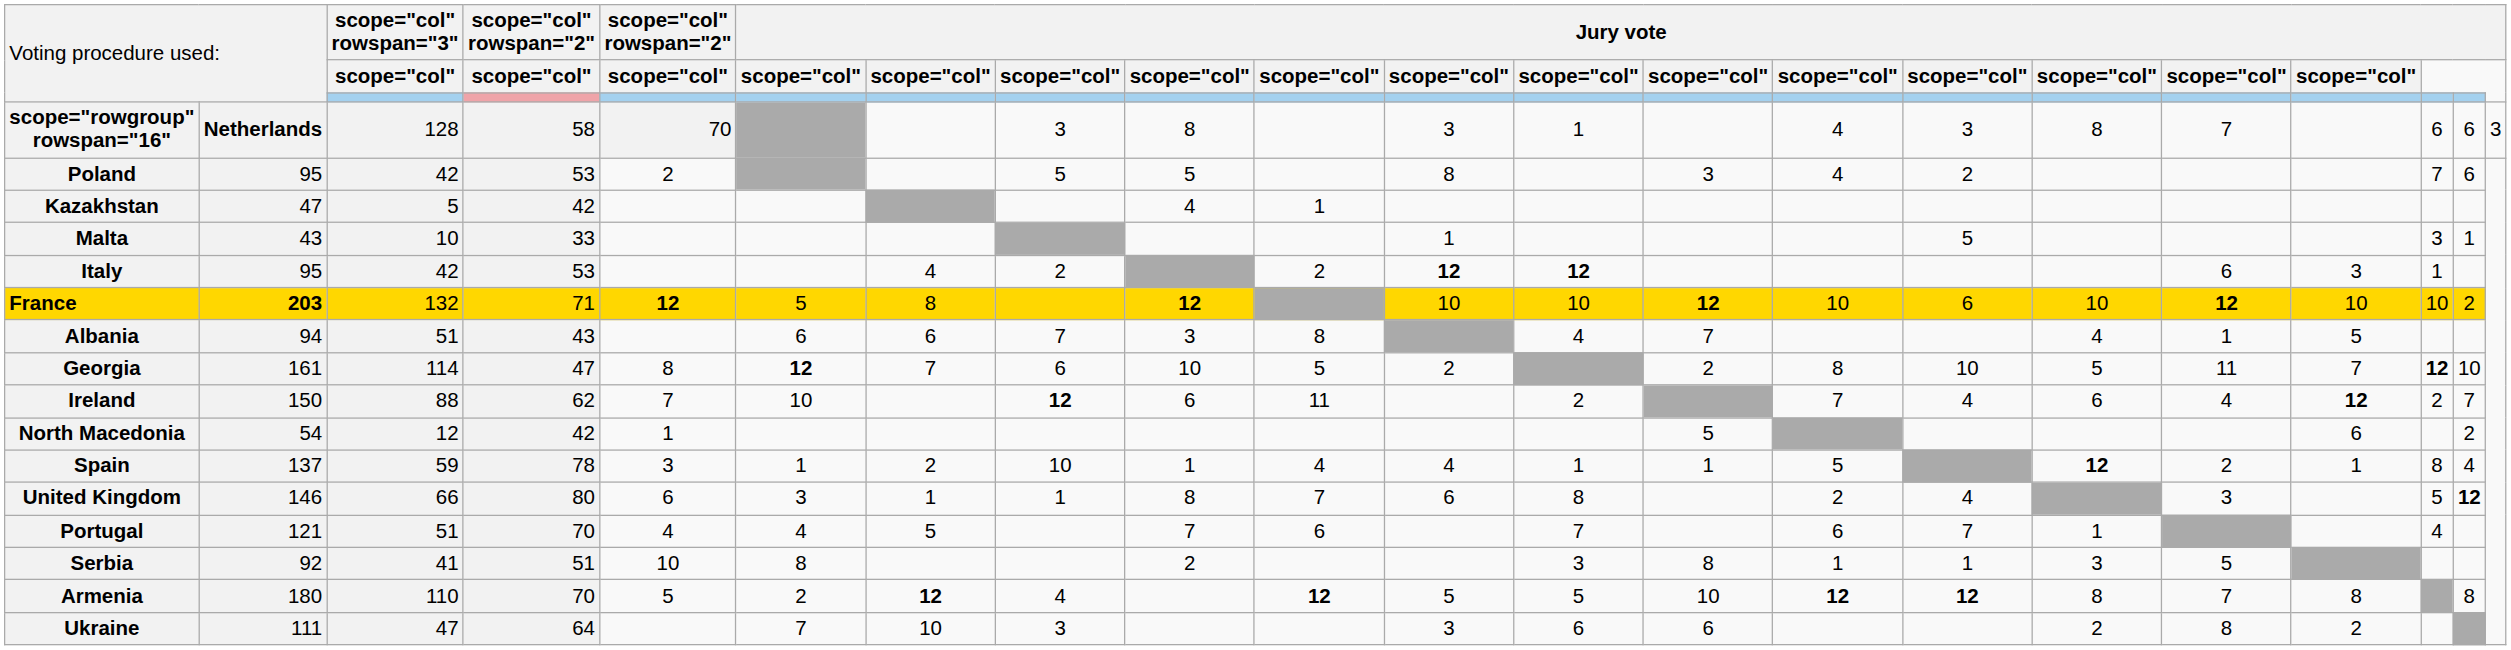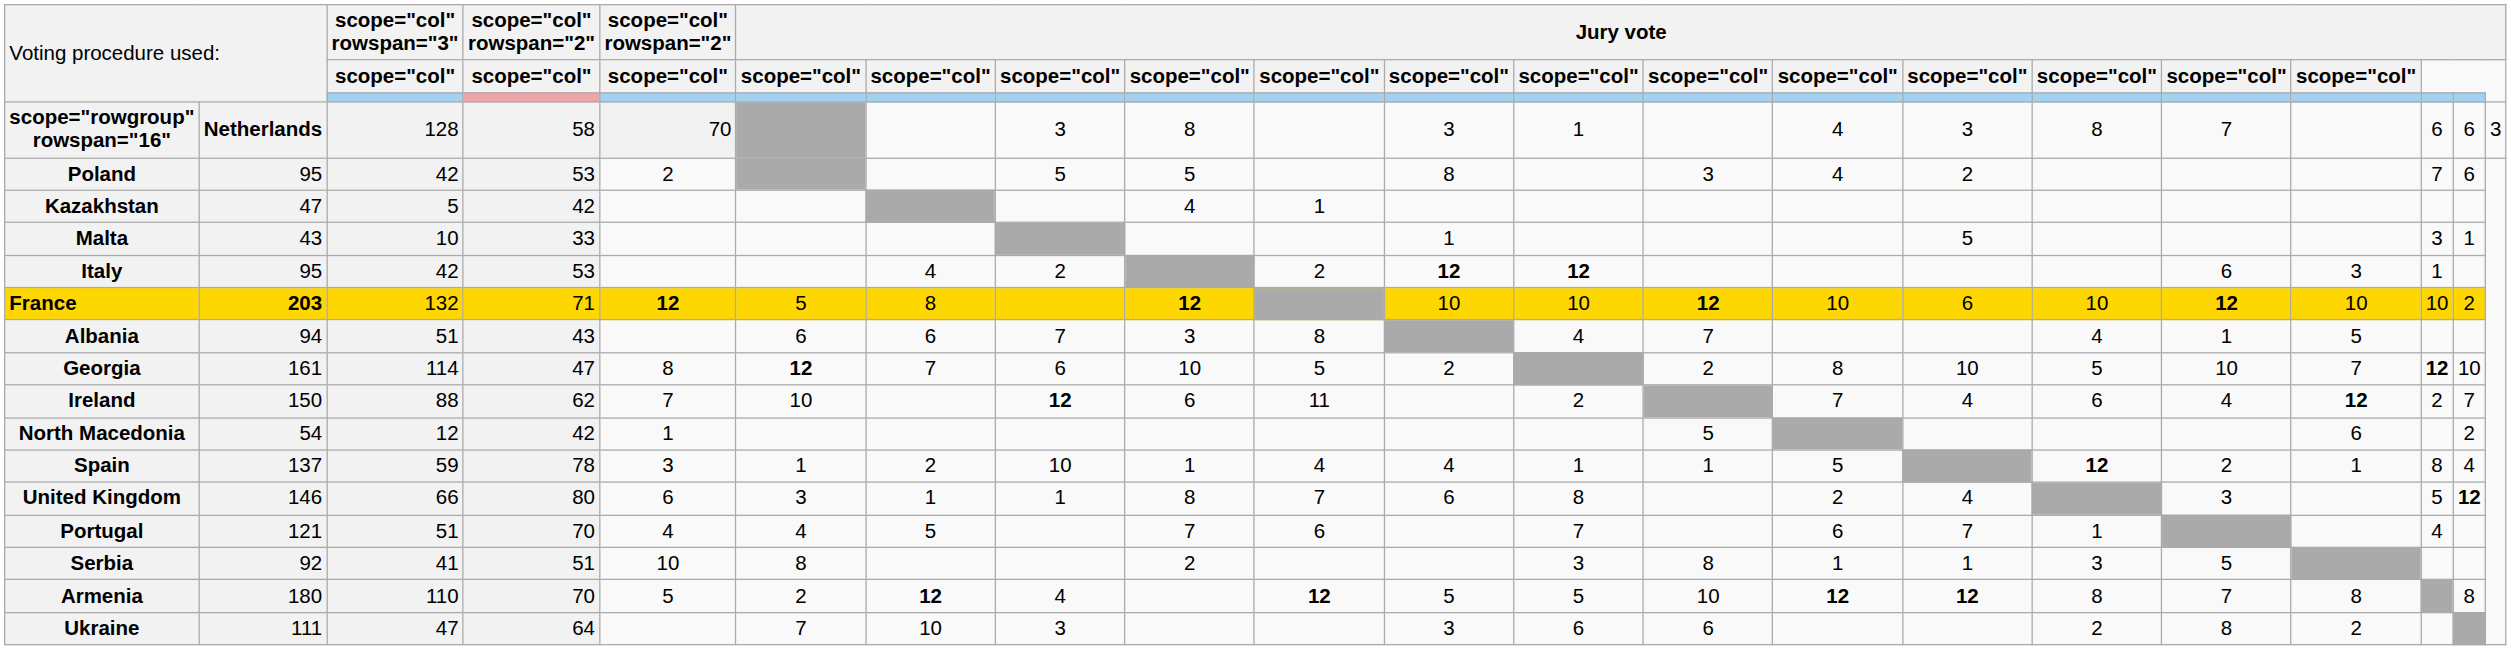 <table class="wikitable plainrowheaders" style="text-align: center;">
 <tr>
 <td colspan="2" rowspan="3" style="text-align: left; background: #F2F2F2;">Voting procedure used:<br></td>
 <th>scope="col" rowspan="3" </th>
 <th>scope="col" rowspan="2" </th>
 <th>scope="col" rowspan="2" </th>
 <th scope="colgroup" colspan="19">Jury vote</th>
 </tr>
 <tr>
 <th>scope="col" </th>
 <th>scope="col" </th>
 <th>scope="col" </th>
 <th>scope="col" </th>
 <th>scope="col" </th>
 <th>scope="col" </th>
 <th>scope="col" </th>
 <th>scope="col" </th>
 <th>scope="col" </th>
 <th>scope="col" </th>
 <th>scope="col" </th>
 <th>scope="col" </th>
 <th>scope="col" </th>
 <th>scope="col" </th>
 <th>scope="col" </th>
 <th>scope="col" </th>
 </tr>
 <tr>
 <td style="background: #A4D1EF;"></td>
 <td style="background: #EFA4A9;"></td>
 <td style="background: #A4D1EF;"></td>
 <td style="background: #A4D1EF;"></td>
 <td style="background: #A4D1EF;"></td>
 <td style="background: #A4D1EF;"></td>
 <td style="background: #A4D1EF;"></td>
 <td style="background: #A4D1EF;"></td>
 <td style="background: #A4D1EF;"></td>
 <td style="background: #A4D1EF;"></td>
 <td style="background: #A4D1EF;"></td>
 <td style="background: #A4D1EF;"></td>
 <td style="background: #A4D1EF;"></td>
 <td style="background: #A4D1EF;"></td>
 <td style="background: #A4D1EF;"></td>
 <td style="background: #A4D1EF;"></td>
 <td style="background: #A4D1EF;"></td>
 <td style="background: #A4D1EF;"></td>
 </tr>
 <tr>
 <th>scope="rowgroup" rowspan="16" </th>
 <th scope="row" style="background: #f2f2f2;">Netherlands</th>
 <td style="text-align: right; background: #f2f2f2;">128</td>
 <td style="text-align: right; background: #f2f2f2;">58</td>
 <td style="text-align: right; background: #f2f2f2;">70</td>
 <td style="background: #aaa;"></td>
 <td></td>
 <td>3</td>
 <td>8</td>
 <td></td>
 <td>3</td>
 <td>1</td>
 <td></td>
 <td>4</td>
 <td>3</td>
 <td>8</td>
 <td>7</td>
 <td></td>
 <td>6</td>
 <td>6</td>
 <td>3</td>
 </tr>
 <tr>
 <th scope="row" style="background: #f2f2f2;">Poland</th>
 <td style="text-align: right; background: #f2f2f2;">95</td>
 <td style="text-align: right; background: #f2f2f2;">42</td>
 <td style="text-align: right; background: #f2f2f2;">53</td>
 <td>2</td>
 <td style="background: #aaa;"></td>
 <td></td>
 <td>5</td>
 <td>5</td>
 <td></td>
 <td>8</td>
 <td></td>
 <td>3</td>
 <td>4</td>
 <td>2</td>
 <td></td>
 <td></td>
 <td></td>
 <td>7</td>
 <td>6</td>
 </tr>
 <tr>
 <th scope="row" style="background: #f2f2f2;">Kazakhstan</th>
 <td style="text-align: right; background: #f2f2f2;">47</td>
 <td style="text-align: right; background: #f2f2f2;">5</td>
 <td style="text-align: right; background: #f2f2f2;">42</td>
 <td></td>
 <td></td>
 <td style="background: #aaa;"></td>
 <td></td>
 <td>4</td>
 <td>1</td>
 <td></td>
 <td></td>
 <td></td>
 <td></td>
 <td></td>
 <td></td>
 <td></td>
 <td></td>
 <td></td>
 <td></td>
 </tr>
 <tr>
 <th scope="row" style="background: #f2f2f2;">Malta</th>
 <td style="text-align: right; background: #f2f2f2;">43</td>
 <td style="text-align: right; background: #f2f2f2;">10</td>
 <td style="text-align: right; background: #f2f2f2;">33</td>
 <td></td>
 <td></td>
 <td></td>
 <td style="background: #aaa;"></td>
 <td></td>
 <td></td>
 <td>1</td>
 <td></td>
 <td></td>
 <td></td>
 <td>5</td>
 <td></td>
 <td></td>
 <td></td>
 <td>3</td>
 <td>1</td>
 </tr>
 <tr>
 <th scope="row" style="background: #f2f2f2;">Italy</th>
 <td style="text-align: right; background: #f2f2f2;">95</td>
 <td style="text-align: right; background: #f2f2f2;">42</td>
 <td style="text-align: right; background: #f2f2f2;">53</td>
 <td></td>
 <td></td>
 <td>4</td>
 <td>2</td>
 <td style="background: #aaa;"></td>
 <td>2</td>
 <td><strong>12</strong></td>
 <td><strong>12</strong></td>
 <td></td>
 <td></td>
 <td></td>
 <td></td>
 <td>6</td>
 <td>3</td>
 <td>1</td>
 <td></td>
 </tr>
 <tr style="background:gold;">
 <th scope="row" style="text-align:left; font-weight:bold; background:gold;">France</th>
 <td style="text-align:right; font-weight:bold;">203</td>
 <td style="text-align: right;">132</td>
 <td style="text-align: right;">71</td>
 <td><strong>12</strong></td>
 <td>5</td>
 <td>8</td>
 <td></td>
 <td><strong>12</strong></td>
 <td style="background: #aaa;"></td>
 <td>10</td>
 <td>10</td>
 <td><strong>12</strong></td>
 <td>10</td>
 <td>6</td>
 <td>10</td>
 <td><strong>12</strong></td>
 <td>10</td>
 <td>10</td>
 <td>2</td>
 </tr>
 <tr>
 <th scope="row" style="background: #f2f2f2;">Albania</th>
 <td style="text-align: right; background: #f2f2f2;">94</td>
 <td style="text-align: right; background: #f2f2f2;">51</td>
 <td style="text-align: right; background: #f2f2f2;">43</td>
 <td></td>
 <td>6</td>
 <td>6</td>
 <td>7</td>
 <td>3</td>
 <td>8</td>
 <td style="background: #aaa;"></td>
 <td>4</td>
 <td>7</td>
 <td></td>
 <td></td>
 <td>4</td>
 <td>1</td>
 <td>5</td>
 <td></td>
 <td></td>
 </tr>
 <tr>
 <th scope="row" style="background: #f2f2f2;">Georgia</th>
 <td style="text-align: right; background: #f2f2f2;">161</td>
 <td style="text-align: right; background: #f2f2f2;">114</td>
 <td style="text-align: right; background: #f2f2f2;">47</td>
 <td>8</td>
 <td><strong>12</strong></td>
 <td>7</td>
 <td>6</td>
 <td>10</td>
 <td>5</td>
 <td>2</td>
 <td style="background: #aaa;"></td>
 <td>2</td>
 <td>8</td>
 <td>10</td>
 <td>5</td>
-<td>11</td>
+<td>10</td>
 <td>7</td>
 <td><strong>12</strong></td>
 <td>10</td>
 </tr>
 <tr>
 <th scope="row" style="background: #f2f2f2;">Ireland</th>
 <td style="text-align: right; background: #f2f2f2;">150</td>
 <td style="text-align: right; background: #f2f2f2;">88</td>
 <td style="text-align: right; background: #f2f2f2;">62</td>
 <td>7</td>
 <td>10</td>
 <td></td>
 <td><strong>12</strong></td>
 <td>6</td>
 <td>11</td>
 <td></td>
 <td>2</td>
 <td style="background: #aaa;"></td>
 <td>7</td>
 <td>4</td>
 <td>6</td>
 <td>4</td>
 <td><strong>12</strong></td>
 <td>2</td>
 <td>7</td>
 </tr>
 <tr>
 <th scope="row" style="background: #f2f2f2;">North Macedonia</th>
 <td style="text-align: right; background: #f2f2f2;">54</td>
 <td style="text-align: right; background: #f2f2f2;">12</td>
 <td style="text-align: right; background: #f2f2f2;">42</td>
 <td>1</td>
 <td></td>
 <td></td>
 <td></td>
 <td></td>
 <td></td>
 <td></td>
 <td></td>
 <td>5</td>
 <td style="background: #aaa;"></td>
 <td></td>
 <td></td>
 <td></td>
 <td>6</td>
 <td></td>
 <td>2</td>
 </tr>
 <tr>
 <th scope="row" style="background: #f2f2f2;">Spain</th>
 <td style="text-align: right; background: #f2f2f2;">137</td>
 <td style="text-align: right; background: #f2f2f2;">59</td>
 <td style="text-align: right; background: #f2f2f2;">78</td>
 <td>3</td>
 <td>1</td>
 <td>2</td>
 <td>10</td>
 <td>1</td>
 <td>4</td>
 <td>4</td>
 <td>1</td>
 <td>1</td>
 <td>5</td>
 <td style="background: #aaa;"></td>
 <td><strong>12</strong></td>
 <td>2</td>
 <td>1</td>
 <td>8</td>
 <td>4</td>
 </tr>
 <tr>
 <th scope="row" style="background: #f2f2f2;">United Kingdom</th>
 <td style="text-align: right; background: #f2f2f2;">146</td>
 <td style="text-align: right; background: #f2f2f2;">66</td>
 <td style="text-align: right; background: #f2f2f2;">80</td>
 <td>6</td>
 <td>3</td>
 <td>1</td>
 <td>1</td>
 <td>8</td>
 <td>7</td>
 <td>6</td>
 <td>8</td>
 <td></td>
 <td>2</td>
 <td>4</td>
 <td style="background: #aaa;"></td>
 <td>3</td>
 <td></td>
 <td>5</td>
 <td><strong>12</strong></td>
 </tr>
 <tr>
 <th scope="row" style="background: #f2f2f2;">Portugal</th>
 <td style="text-align: right; background: #f2f2f2;">121</td>
 <td style="text-align: right; background: #f2f2f2;">51</td>
 <td style="text-align: right; background: #f2f2f2;">70</td>
 <td>4</td>
 <td>4</td>
 <td>5</td>
 <td></td>
 <td>7</td>
 <td>6</td>
 <td></td>
 <td>7</td>
 <td></td>
 <td>6</td>
 <td>7</td>
 <td>1</td>
 <td style="background: #aaa;"></td>
 <td></td>
 <td>4</td>
 <td></td>
 </tr>
 <tr>
 <th scope="row" style="background: #f2f2f2;">Serbia</th>
 <td style="text-align: right; background: #f2f2f2;">92</td>
 <td style="text-align: right; background: #f2f2f2;">41</td>
 <td style="text-align: right; background: #f2f2f2;">51</td>
 <td>10</td>
 <td>8</td>
 <td></td>
 <td></td>
 <td>2</td>
 <td></td>
 <td></td>
 <td>3</td>
 <td>8</td>
 <td>1</td>
 <td>1</td>
 <td>3</td>
 <td>5</td>
 <td style="background: #aaa;"></td>
 <td></td>
 <td></td>
 </tr>
 <tr>
 <th scope="row" style="background: #f2f2f2;">Armenia</th>
 <td style="text-align: right; background: #f2f2f2;">180</td>
 <td style="text-align: right; background: #f2f2f2;">110</td>
 <td style="text-align: right; background: #f2f2f2;">70</td>
 <td>5</td>
 <td>2</td>
 <td><strong>12</strong></td>
 <td>4</td>
 <td></td>
 <td><strong>12</strong></td>
 <td>5</td>
 <td>5</td>
 <td>10</td>
 <td><strong>12</strong></td>
 <td><strong>12</strong></td>
 <td>8</td>
 <td>7</td>
 <td>8</td>
 <td style="background: #aaa;"></td>
 <td>8</td>
 </tr>
 <tr>
 <th scope="row" style="background: #f2f2f2;">Ukraine</th>
 <td style="text-align: right; background: #f2f2f2;">111</td>
 <td style="text-align: right; background: #f2f2f2;">47</td>
 <td style="text-align: right; background: #f2f2f2;">64</td>
 <td></td>
 <td>7</td>
 <td>10</td>
 <td>3</td>
 <td></td>
 <td></td>
 <td>3</td>
 <td>6</td>
 <td>6</td>
 <td></td>
 <td></td>
 <td>2</td>
 <td>8</td>
 <td>2</td>
 <td></td>
 <td style="background: #aaa;"></td>
 </tr>
 </table>
